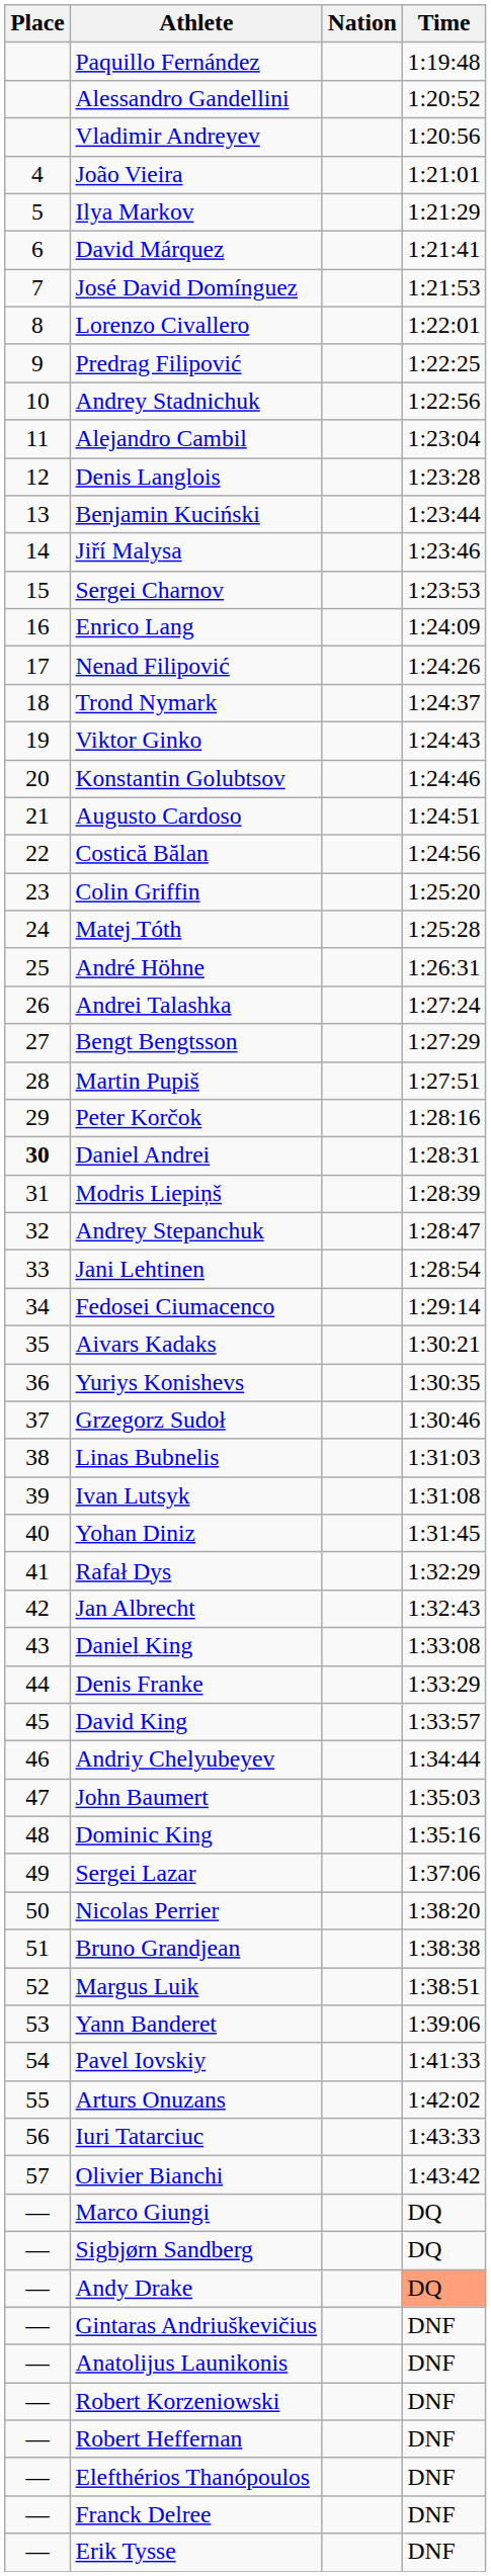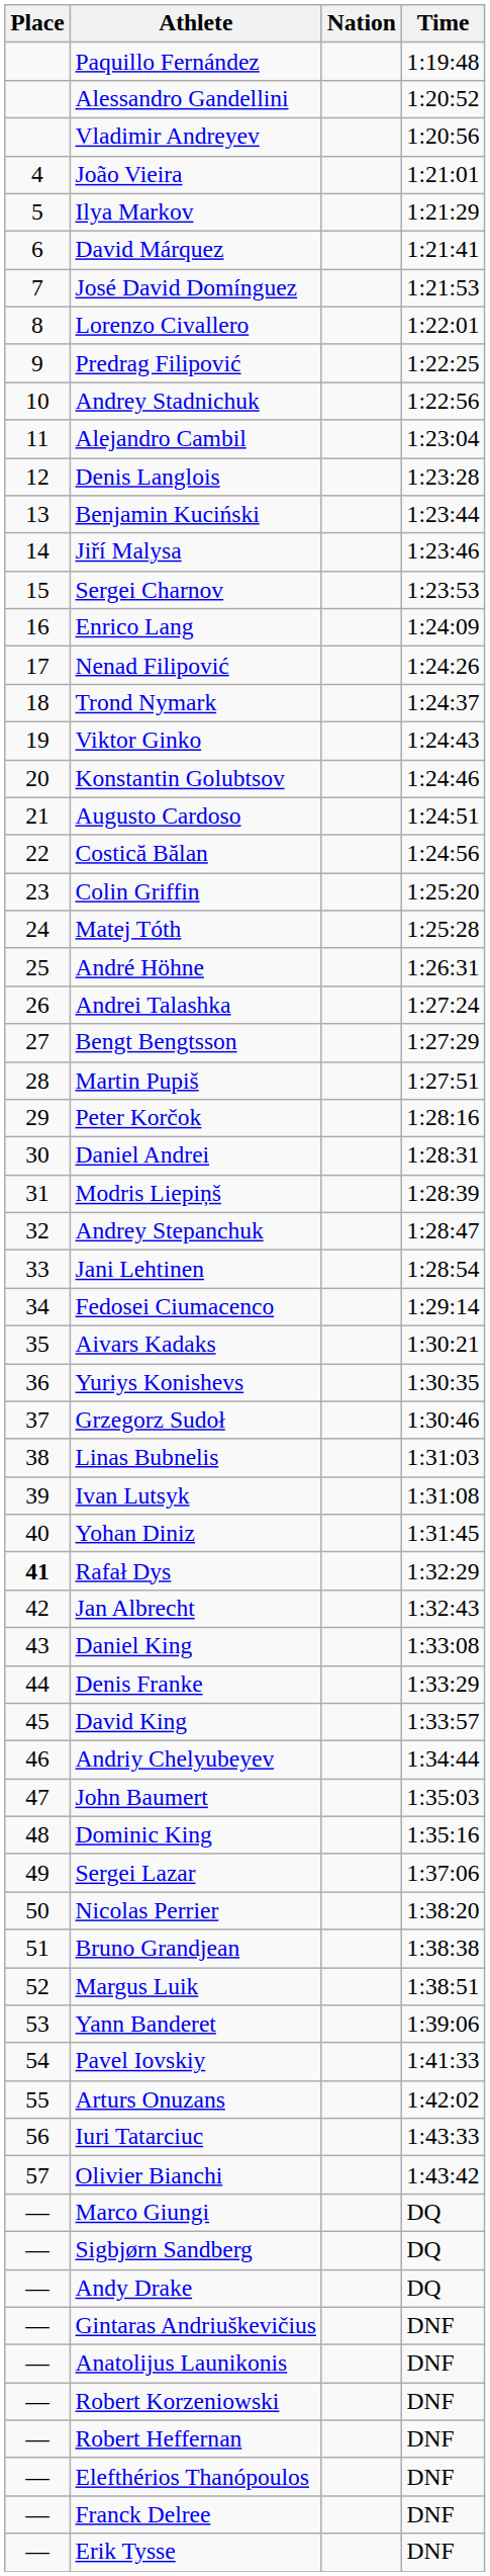 <table class=wikitable>
 <tr>
 <th>Place</th>
 <th>Athlete</th>
 <th>Nation</th>
 <th>Time</th>
 </tr>
 <tr>
 <td align=center></td>
 <td><a href='#'>Paquillo Fernández</a></td>
 <td></td>
 <td>1:19:48</td>
 </tr>
 <tr>
 <td align=center></td>
 <td><a href='#'>Alessandro Gandellini</a></td>
 <td></td>
 <td>1:20:52</td>
 </tr>
 <tr>
 <td align=center></td>
 <td><a href='#'>Vladimir Andreyev</a></td>
 <td></td>
 <td>1:20:56</td>
 </tr>
 <tr>
 <td align=center>4</td>
 <td><a href='#'>João Vieira</a></td>
 <td></td>
 <td>1:21:01</td>
 </tr>
 <tr>
 <td align=center>5</td>
 <td><a href='#'>Ilya Markov</a></td>
 <td></td>
 <td>1:21:29</td>
 </tr>
 <tr>
 <td align=center>6</td>
 <td><a href='#'>David Márquez</a></td>
 <td></td>
 <td>1:21:41</td>
 </tr>
 <tr>
 <td align=center>7</td>
 <td><a href='#'>José David Domínguez</a></td>
 <td></td>
 <td>1:21:53</td>
 </tr>
 <tr>
 <td align=center>8</td>
 <td><a href='#'>Lorenzo Civallero</a></td>
 <td></td>
 <td>1:22:01</td>
 </tr>
 <tr>
 <td align=center>9</td>
 <td><a href='#'>Predrag Filipović</a></td>
 <td></td>
 <td>1:22:25</td>
 </tr>
 <tr>
 <td align=center>10</td>
 <td><a href='#'>Andrey Stadnichuk</a></td>
 <td></td>
 <td>1:22:56</td>
 </tr>
 <tr>
 <td align=center>11</td>
 <td><a href='#'>Alejandro Cambil</a></td>
 <td></td>
 <td>1:23:04</td>
 </tr>
 <tr>
 <td align=center>12</td>
 <td><a href='#'>Denis Langlois</a></td>
 <td></td>
 <td>1:23:28</td>
 </tr>
 <tr>
 <td align=center>13</td>
 <td><a href='#'>Benjamin Kuciński</a></td>
 <td></td>
 <td>1:23:44</td>
 </tr>
 <tr>
 <td align=center>14</td>
 <td><a href='#'>Jiří Malysa</a></td>
 <td></td>
 <td>1:23:46</td>
 </tr>
 <tr>
 <td align=center>15</td>
 <td><a href='#'>Sergei Charnov</a></td>
 <td></td>
 <td>1:23:53</td>
 </tr>
 <tr>
 <td align=center>16</td>
 <td><a href='#'>Enrico Lang</a></td>
 <td></td>
 <td>1:24:09</td>
 </tr>
 <tr>
 <td align=center>17</td>
 <td><a href='#'>Nenad Filipović</a></td>
 <td></td>
 <td>1:24:26</td>
 </tr>
 <tr>
 <td align=center>18</td>
 <td><a href='#'>Trond Nymark</a></td>
 <td></td>
 <td>1:24:37</td>
 </tr>
 <tr>
 <td align=center>19</td>
 <td><a href='#'>Viktor Ginko</a></td>
 <td></td>
 <td>1:24:43</td>
 </tr>
 <tr>
 <td align=center>20</td>
 <td><a href='#'>Konstantin Golubtsov</a></td>
 <td></td>
 <td>1:24:46</td>
 </tr>
 <tr>
 <td align=center>21</td>
 <td><a href='#'>Augusto Cardoso</a></td>
 <td></td>
 <td>1:24:51</td>
 </tr>
 <tr>
 <td align=center>22</td>
 <td><a href='#'>Costică Bălan</a></td>
 <td></td>
 <td>1:24:56</td>
 </tr>
 <tr>
 <td align=center>23</td>
 <td><a href='#'>Colin Griffin</a></td>
 <td></td>
 <td>1:25:20</td>
 </tr>
 <tr>
 <td align=center>24</td>
 <td><a href='#'>Matej Tóth</a></td>
 <td></td>
 <td>1:25:28</td>
 </tr>
 <tr>
 <td align=center>25</td>
 <td><a href='#'>André Höhne</a></td>
 <td></td>
 <td>1:26:31</td>
 </tr>
 <tr>
 <td align=center>26</td>
 <td><a href='#'>Andrei Talashka</a></td>
 <td></td>
 <td>1:27:24</td>
 </tr>
 <tr>
 <td align=center>27</td>
 <td><a href='#'>Bengt Bengtsson</a></td>
 <td></td>
 <td>1:27:29</td>
 </tr>
 <tr>
 <td align=center>28</td>
 <td><a href='#'>Martin Pupiš</a></td>
 <td></td>
 <td>1:27:51</td>
 </tr>
 <tr>
 <td align=center>29</td>
 <td><a href='#'>Peter Korčok</a></td>
 <td></td>
 <td>1:28:16</td>
 </tr>
 <tr>
-<td align=center><strong>30</strong></td>
+<td align=center>30</td>
 <td><a href='#'>Daniel Andrei</a></td>
 <td></td>
 <td>1:28:31</td>
 </tr>
 <tr>
 <td align=center>31</td>
 <td><a href='#'>Modris Liepiņš</a></td>
 <td></td>
 <td>1:28:39</td>
 </tr>
 <tr>
 <td align=center>32</td>
 <td><a href='#'>Andrey Stepanchuk</a></td>
 <td></td>
 <td>1:28:47</td>
 </tr>
 <tr>
 <td align=center>33</td>
 <td><a href='#'>Jani Lehtinen</a></td>
 <td></td>
 <td>1:28:54</td>
 </tr>
 <tr>
 <td align=center>34</td>
 <td><a href='#'>Fedosei Ciumacenco</a></td>
 <td></td>
 <td>1:29:14</td>
 </tr>
 <tr>
 <td align=center>35</td>
 <td><a href='#'>Aivars Kadaks</a></td>
 <td></td>
 <td>1:30:21</td>
 </tr>
 <tr>
 <td align=center>36</td>
 <td><a href='#'>Yuriys Konishevs</a></td>
 <td></td>
 <td>1:30:35</td>
 </tr>
 <tr>
 <td align=center>37</td>
 <td><a href='#'>Grzegorz Sudoł</a></td>
 <td></td>
 <td>1:30:46</td>
 </tr>
 <tr>
 <td align=center>38</td>
 <td><a href='#'>Linas Bubnelis</a></td>
 <td></td>
 <td>1:31:03</td>
 </tr>
 <tr>
 <td align=center>39</td>
 <td><a href='#'>Ivan Lutsyk</a></td>
 <td></td>
 <td>1:31:08</td>
 </tr>
 <tr>
 <td align=center>40</td>
 <td><a href='#'>Yohan Diniz</a></td>
 <td></td>
 <td>1:31:45</td>
 </tr>
 <tr>
-<td align=center>41</td>
+<td align=center><strong>41</strong></td>
 <td><a href='#'>Rafał Dys</a></td>
 <td></td>
 <td>1:32:29</td>
 </tr>
 <tr>
 <td align=center>42</td>
 <td><a href='#'>Jan Albrecht</a></td>
 <td></td>
 <td>1:32:43</td>
 </tr>
 <tr>
 <td align=center>43</td>
 <td><a href='#'>Daniel King</a></td>
 <td></td>
 <td>1:33:08</td>
 </tr>
 <tr>
 <td align=center>44</td>
 <td><a href='#'>Denis Franke</a></td>
 <td></td>
 <td>1:33:29</td>
 </tr>
 <tr>
 <td align=center>45</td>
 <td><a href='#'>David King</a></td>
 <td></td>
 <td>1:33:57</td>
 </tr>
 <tr>
 <td align=center>46</td>
 <td><a href='#'>Andriy Chelyubeyev</a></td>
 <td></td>
 <td>1:34:44</td>
 </tr>
 <tr>
 <td align=center>47</td>
 <td><a href='#'>John Baumert</a></td>
 <td></td>
 <td>1:35:03</td>
 </tr>
 <tr>
 <td align=center>48</td>
 <td><a href='#'>Dominic King</a></td>
 <td></td>
 <td>1:35:16</td>
 </tr>
 <tr>
 <td align=center>49</td>
 <td><a href='#'>Sergei Lazar</a></td>
 <td></td>
 <td>1:37:06</td>
 </tr>
 <tr>
 <td align=center>50</td>
 <td><a href='#'>Nicolas Perrier</a></td>
 <td></td>
 <td>1:38:20</td>
 </tr>
 <tr>
 <td align=center>51</td>
 <td><a href='#'>Bruno Grandjean</a></td>
 <td></td>
 <td>1:38:38</td>
 </tr>
 <tr>
 <td align=center>52</td>
 <td><a href='#'>Margus Luik</a></td>
 <td></td>
 <td>1:38:51</td>
 </tr>
 <tr>
 <td align=center>53</td>
 <td><a href='#'>Yann Banderet</a></td>
 <td></td>
 <td>1:39:06</td>
 </tr>
 <tr>
 <td align=center>54</td>
 <td><a href='#'>Pavel Iovskiy</a></td>
 <td></td>
 <td>1:41:33</td>
 </tr>
 <tr>
 <td align=center>55</td>
 <td><a href='#'>Arturs Onuzans</a></td>
 <td></td>
 <td>1:42:02</td>
 </tr>
 <tr>
 <td align=center>56</td>
 <td><a href='#'>Iuri Tatarciuc</a></td>
 <td></td>
 <td>1:43:33</td>
 </tr>
 <tr>
 <td align=center>57</td>
 <td><a href='#'>Olivier Bianchi</a></td>
 <td></td>
 <td>1:43:42</td>
 </tr>
 <tr>
 <td align=center>—</td>
 <td><a href='#'>Marco Giungi</a></td>
 <td></td>
 <td>DQ</td>
 </tr>
 <tr>
 <td align=center>—</td>
 <td><a href='#'>Sigbjørn Sandberg</a></td>
 <td></td>
 <td>DQ</td>
 </tr>
 <tr>
 <td align=center>—</td>
 <td><a href='#'>Andy Drake</a></td>
 <td></td>
-<td style="background: lightsalmon;">DQ</td>
+<td>DQ</td>
 </tr>
 <tr>
 <td align=center>—</td>
 <td><a href='#'>Gintaras Andriuškevičius</a></td>
 <td></td>
 <td>DNF</td>
 </tr>
 <tr>
 <td align=center>—</td>
 <td><a href='#'>Anatolijus Launikonis</a></td>
 <td></td>
 <td>DNF</td>
 </tr>
 <tr>
 <td align=center>—</td>
 <td><a href='#'>Robert Korzeniowski</a></td>
 <td></td>
 <td>DNF</td>
 </tr>
 <tr>
 <td align=center>—</td>
 <td><a href='#'>Robert Heffernan</a></td>
 <td></td>
 <td>DNF</td>
 </tr>
 <tr>
 <td align=center>—</td>
 <td><a href='#'>Elefthérios Thanópoulos</a></td>
 <td></td>
 <td>DNF</td>
 </tr>
 <tr>
 <td align=center>—</td>
 <td><a href='#'>Franck Delree</a></td>
 <td></td>
 <td>DNF</td>
 </tr>
 <tr>
 <td align=center>—</td>
 <td><a href='#'>Erik Tysse</a></td>
 <td></td>
 <td>DNF</td>
 </tr>
 </table>
